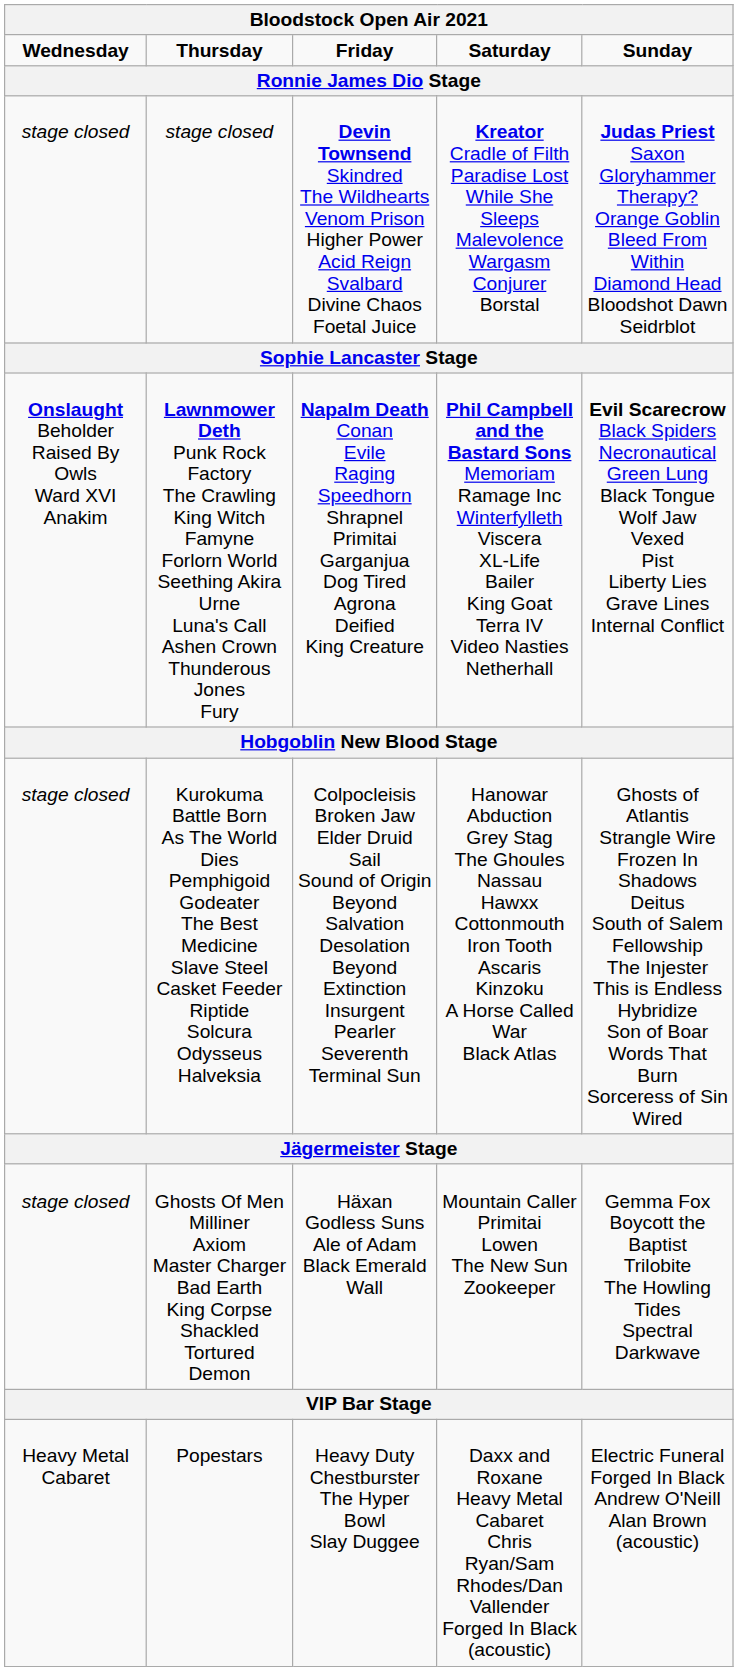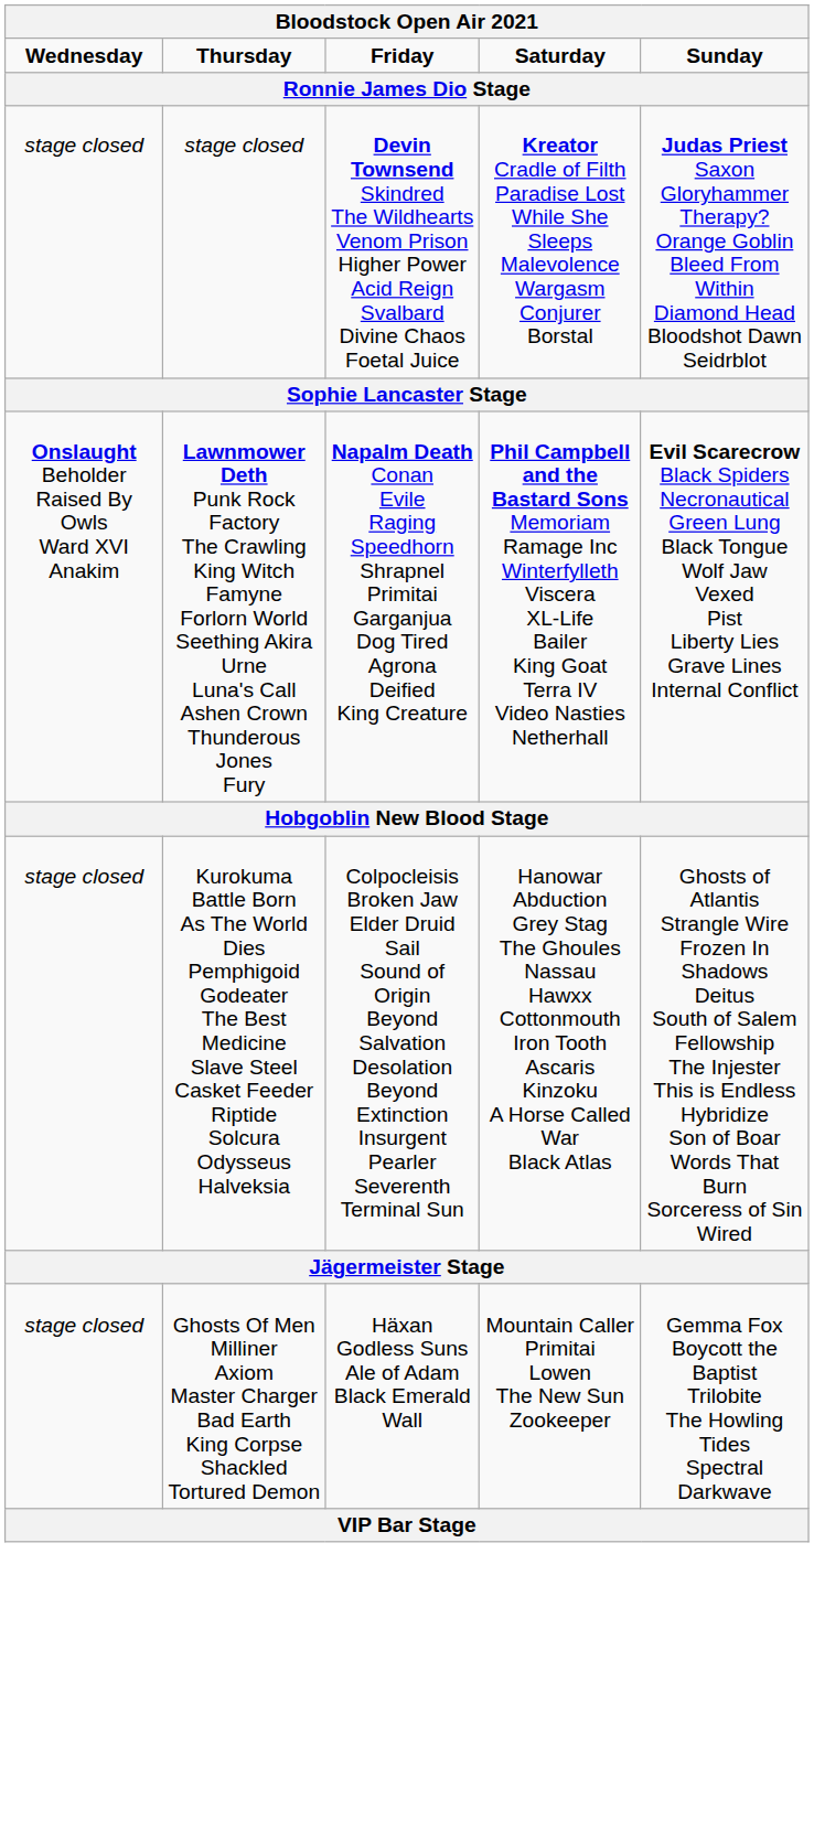 <table class="wikitable">
 <tr>
 <th colspan="5" align="center"><strong>Bloodstock Open Air 2021</strong></th>
 </tr>
 <tr>
 <td align="center"><strong>Wednesday</strong></td>
 <td align="center"><strong>Thursday</strong></td>
 <td align="center"><strong>Friday</strong></td>
 <td align="center"><strong>Saturday</strong></td>
 <td align="center"><strong>Sunday</strong></td>
 </tr>
 <tr>
 <th colspan="5" align="center"><strong><a href='#'>Ronnie James Dio</a> Stage</strong></th>
 </tr>
 <tr>
 <td valign="top" align="center" width=212><br><em>stage closed</em></td>
 <td valign="top" align="center" width=212><br><em>stage closed</em></td>
 <td valign="top" align="center" width=212><br><strong><a href='#'>Devin Townsend</a></strong><br> <a href='#'>Skindred</a><br> <a href='#'>The Wildhearts</a><br> <a href='#'>Venom Prison</a><br> Higher Power<br> <a href='#'>Acid Reign</a><br> <a href='#'>Svalbard</a><br> Divine Chaos<br> Foetal Juice<br></td>
 <td valign="top" align="center" width=212><br><strong><a href='#'>Kreator</a></strong><br> <a href='#'>Cradle of Filth</a><br> <a href='#'>Paradise Lost</a><br> <a href='#'>While She Sleeps</a><br> <a href='#'>Malevolence</a><br> <a href='#'>Wargasm</a><br> <a href='#'>Conjurer</a><br> Borstal<br></td>
 <td valign="top" align="center" width=212><br><strong><a href='#'>Judas Priest</a></strong><br> <a href='#'>Saxon</a><br> <a href='#'>Gloryhammer</a><br> <a href='#'>Therapy?</a><br> <a href='#'>Orange Goblin</a><br> <a href='#'>Bleed From Within</a><br> <a href='#'>Diamond Head</a><br> Bloodshot Dawn<br> Seidrblot<br></td>
 </tr>
 <tr>
 <th colspan="5" align="center"><strong><a href='#'>Sophie Lancaster</a> Stage</strong></th>
 </tr>
 <tr>
 <td align="center" valign="top" width="212"><br><strong><a href='#'>Onslaught</a></strong><br> Beholder<br> Raised By Owls<br> Ward XVI<br> Anakim<br></td>
 <td align="center" valign="top" width="212"><br><strong><a href='#'>Lawnmower Deth</a></strong><br> Punk Rock Factory<br> The Crawling<br> King Witch<br> Famyne<br> Forlorn World<br> Seething Akira<br> Urne<br> Luna's Call<br> Ashen Crown<br> Thunderous Jones<br> Fury</td>
 <td align="center" valign="top" width="212"><br><strong><a href='#'>Napalm Death</a></strong><br> <a href='#'>Conan</a><br> <a href='#'>Evile</a><br> <a href='#'>Raging Speedhorn</a><br> Shrapnel<br> Primitai<br> Garganjua<br> Dog Tired<br> Agrona<br> Deified<br> King Creature</td>
 <td align="center" valign="top" width="212"><br><strong><a href='#'>Phil Campbell and the Bastard Sons</a></strong><br> <a href='#'>Memoriam</a><br> Ramage Inc<br> <a href='#'>Winterfylleth</a><br> Viscera<br> XL-Life<br> Bailer<br> King Goat<br> Terra IV<br> Video Nasties<br> Netherhall</td>
 <td align="center" valign="top" width="212"><br><strong>Evil Scarecrow</strong><br> <a href='#'>Black Spiders</a><br> <a href='#'>Necronautical</a><br> <a href='#'>Green Lung</a><br> Black Tongue<br> Wolf Jaw<br> Vexed<br> Pist<br> Liberty Lies<br> Grave Lines<br> Internal Conflict</td>
 </tr>
 <tr>
 <th colspan="5" align="center"><strong><a href='#'>Hobgoblin</a> New Blood Stage</strong></th>
 </tr>
 <tr>
 <td align="center" valign="top" width="212"><br><em>stage closed</em></td>
 <td align="center" valign="top" width="212"><br>Kurokuma<br> Battle Born<br> As The World Dies<br> Pemphigoid<br> Godeater<br> The Best Medicine<br> Slave Steel<br> Casket Feeder<br> Riptide<br> Solcura<br> Odysseus<br> Halveksia<br></td>
 <td align="center" valign="top" width="212"><br>Colpocleisis<br> Broken Jaw<br> Elder Druid<br> Sail<br> Sound of Origin<br> Beyond Salvation<br> Desolation<br> Beyond Extinction<br> Insurgent<br> Pearler<br> Severenth<br> Terminal Sun<br></td>
 <td align="center" valign="top" width="212"><br>Hanowar<br> Abduction<br> Grey Stag<br> The Ghoules<br> Nassau<br> Hawxx<br> Cottonmouth<br> Iron Tooth<br> Ascaris<br> Kinzoku<br> A Horse Called War<br> Black Atlas<br></td>
 <td align="center" valign="top" width="212"><br>Ghosts of Atlantis<br> Strangle Wire<br> Frozen In Shadows<br> Deitus<br> South of Salem<br> Fellowship<br> The Injester<br> This is Endless<br> Hybridize<br> Son of Boar<br> Words That Burn<br> Sorceress of Sin<br> Wired<br></td>
 </tr>
 <tr>
 <th colspan="5" align="center"><strong><a href='#'>Jägermeister</a> Stage</strong></th>
 </tr>
 <tr>
 <td align="center" valign="top" width="212"><br><em>stage closed</em></td>
 <td align="center" valign="top" width="212"><br>Ghosts Of Men<br> Milliner<br> Axiom<br> Master Charger<br> Bad Earth<br> King Corpse<br> Shackled<br> Tortured Demon<br></td>
 <td align="center" valign="top" width="212"><br>Häxan<br> Godless Suns<br> Ale of Adam<br> Black Emerald<br> Wall<br></td>
 <td align="center" valign="top" width="212"><br>Mountain Caller<br> Primitai<br> Lowen<br> The New Sun<br> Zookeeper<br></td>
 <td align="center" valign="top" width="212"><br>Gemma Fox<br> Boycott the Baptist<br> Trilobite<br> The Howling Tides<br> Spectral Darkwave<br></td>
 </tr>
 <tr>
 <th colspan="5" align="center"><strong>VIP Bar Stage</strong></th>
 </tr>
-<tr>
-<td align="center" valign="top" width="212"><br>Heavy Metal Cabaret</td>
-<td align="center" valign="top" width="212"><br>Popestars</td>
-<td align="center" valign="top" width="212"><br>Heavy Duty<br> Chestburster<br> The Hyper Bowl<br> Slay Duggee</td>
-<td align="center" valign="top" width="212"><br>Daxx and Roxane<br> Heavy Metal Cabaret<br> Chris Ryan/Sam Rhodes/Dan Vallender<br> Forged In Black (acoustic)</td>
-<td align="center" valign="top" width="212"><br>Electric Funeral<br> Forged In Black<br> Andrew O'Neill<br> Alan Brown (acoustic)</td>
-</tr>
 </table>
